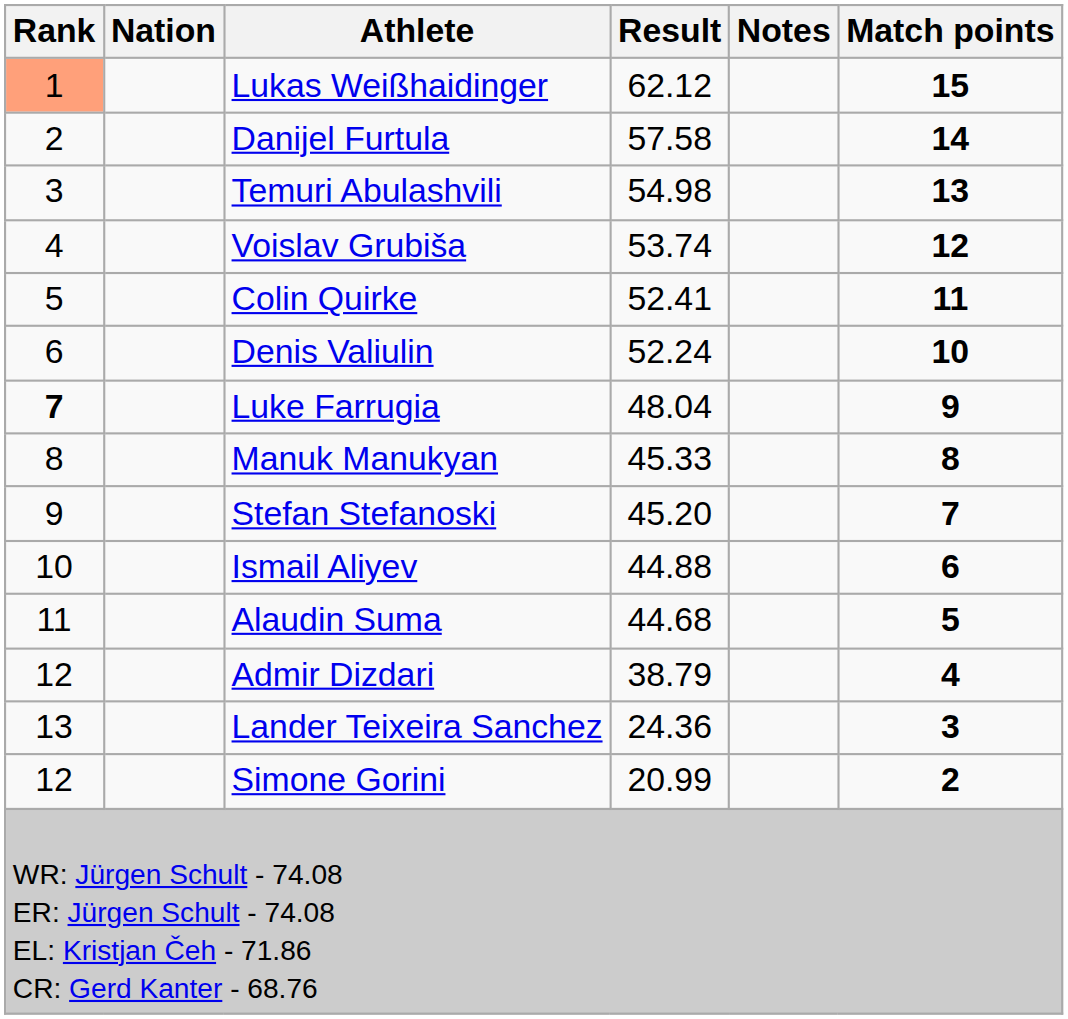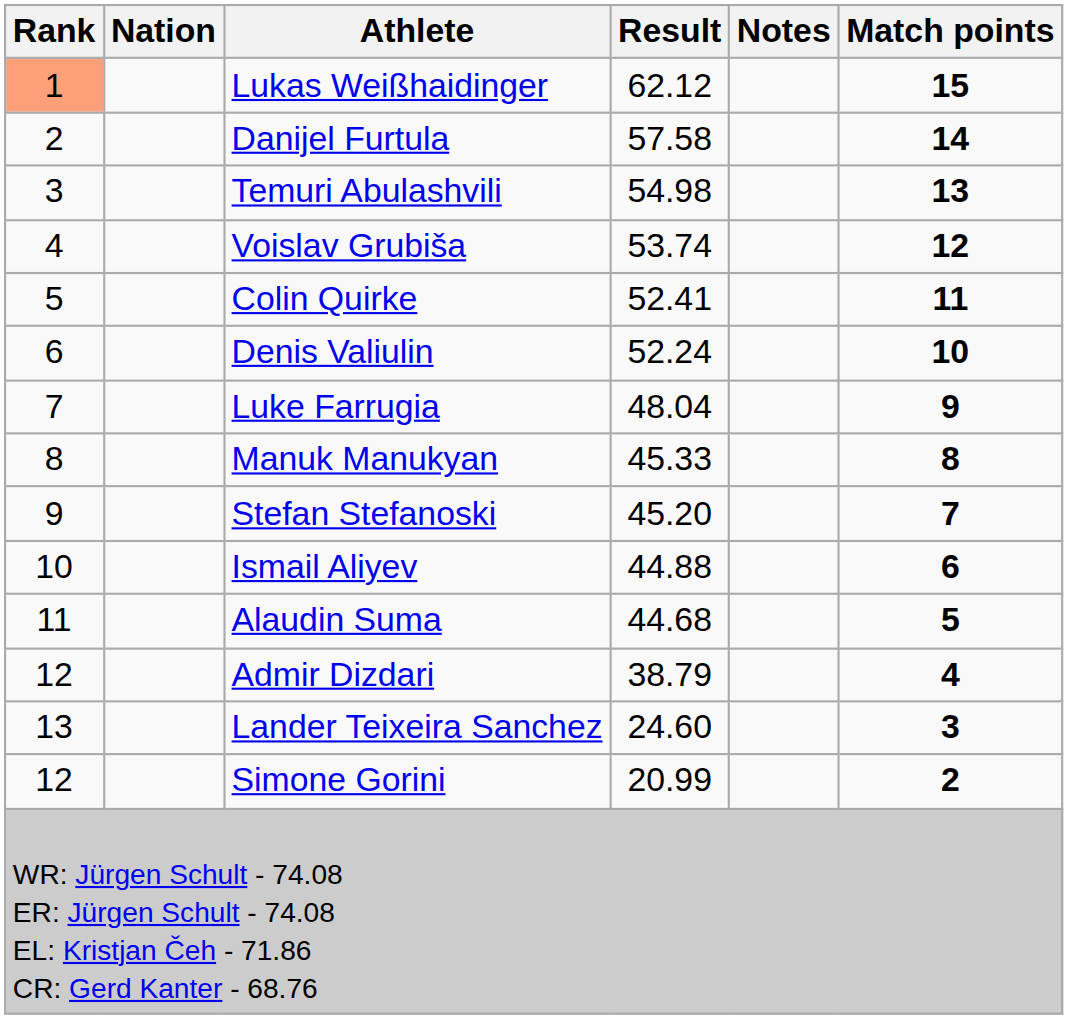 <table class="wikitable sortable" style="text-align:left;">
 <tr>
 <th>Rank</th>
 <th>Nation</th>
 <th>Athlete</th>
 <th>Result</th>
 <th>Notes</th>
 <th>Match points</th>
 </tr>
 <tr>
 <td align=center style="background: lightsalmon;">1</td>
 <td></td>
 <td><a href='#'>Lukas Weißhaidinger</a></td>
 <td align=center>62.12</td>
 <td></td>
 <td align=center><strong>15</strong></td>
 </tr>
 <tr>
 <td align=center>2</td>
 <td></td>
 <td><a href='#'>Danijel Furtula</a></td>
 <td align=center>57.58</td>
 <td></td>
 <td align=center><strong>14</strong></td>
 </tr>
 <tr>
 <td align=center>3</td>
 <td></td>
 <td><a href='#'>Temuri Abulashvili</a></td>
 <td align=center>54.98</td>
 <td align=center></td>
 <td align=center><strong>13</strong></td>
 </tr>
 <tr>
 <td align=center>4</td>
 <td></td>
 <td><a href='#'>Voislav Grubiša</a></td>
 <td align=center>53.74</td>
 <td></td>
 <td align=center><strong>12</strong></td>
 </tr>
 <tr>
 <td align=center>5</td>
 <td></td>
 <td><a href='#'>Colin Quirke</a></td>
 <td align=center>52.41</td>
 <td></td>
 <td align=center><strong>11</strong></td>
 </tr>
 <tr>
 <td align=center>6</td>
 <td></td>
 <td><a href='#'>Denis Valiulin</a></td>
 <td align=center>52.24</td>
 <td></td>
 <td align=center><strong>10</strong></td>
 </tr>
 <tr>
-<td align=center><strong>7</strong></td>
+<td align=center>7</td>
 <td></td>
 <td><a href='#'>Luke Farrugia</a></td>
 <td align=center>48.04</td>
 <td></td>
 <td align=center><strong>9</strong></td>
 </tr>
 <tr>
 <td align=center>8</td>
 <td></td>
 <td><a href='#'>Manuk Manukyan</a></td>
 <td align=center>45.33</td>
 <td align=center></td>
 <td align=center><strong>8</strong></td>
 </tr>
 <tr>
 <td align=center>9</td>
 <td></td>
 <td><a href='#'>Stefan Stefanoski</a></td>
 <td align=center>45.20</td>
 <td align=center></td>
 <td align=center><strong>7</strong></td>
 </tr>
 <tr>
 <td align=center>10</td>
 <td></td>
 <td><a href='#'>Ismail Aliyev</a></td>
 <td align=center>44.88</td>
 <td></td>
 <td align=center><strong>6</strong></td>
 </tr>
 <tr>
 <td align=center>11</td>
 <td></td>
 <td><a href='#'>Alaudin Suma</a></td>
 <td align=center>44.68</td>
 <td align=center></td>
 <td align=center><strong>5</strong></td>
 </tr>
 <tr>
 <td align=center>12</td>
 <td></td>
 <td><a href='#'>Admir Dizdari</a></td>
 <td align=center>38.79</td>
 <td align=center></td>
 <td align=center><strong>4</strong></td>
 </tr>
 <tr>
 <td align=center>13</td>
 <td></td>
 <td><a href='#'>Lander Teixeira Sanchez</a></td>
-<td align=center>24.36</td>
+<td align=center>24.60</td>
 <td align=center></td>
 <td align=center><strong>3</strong></td>
 </tr>
 <tr>
 <td align=center>12</td>
 <td></td>
 <td><a href='#'>Simone Gorini</a></td>
 <td align=center>20.99</td>
 <td align=center></td>
 <td align=center><strong>2</strong></td>
 </tr>
 <tr>
 <td colspan="6" bgcolor="#cccccc"><br> <small>WR:   <a href='#'>Jürgen Schult</a> - 74.08<br>ER:  <a href='#'>Jürgen Schult</a> - 74.08<br></small> <small>EL:   <a href='#'>Kristjan Čeh</a> - 71.86<br>CR:  <a href='#'>Gerd Kanter</a> - 68.76</small></td>
 </tr>
 </table>
